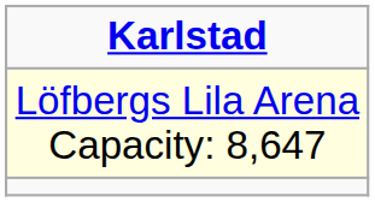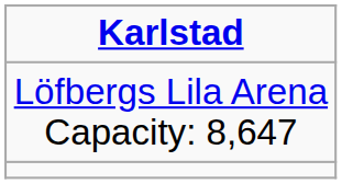 <table class="wikitable" style="text-align:center;">
 <tr>
 <td><strong><a href='#'>Karlstad</a></strong></td>
 </tr>
 <tr>
-<td style="background: lightyellow;"><a href='#'>Löfbergs Lila Arena</a><br>Capacity: 8,647</td>
+<td><a href='#'>Löfbergs Lila Arena</a><br>Capacity: 8,647</td>
 </tr>
 <tr>
 <td></td>
 </tr>
 </table>
